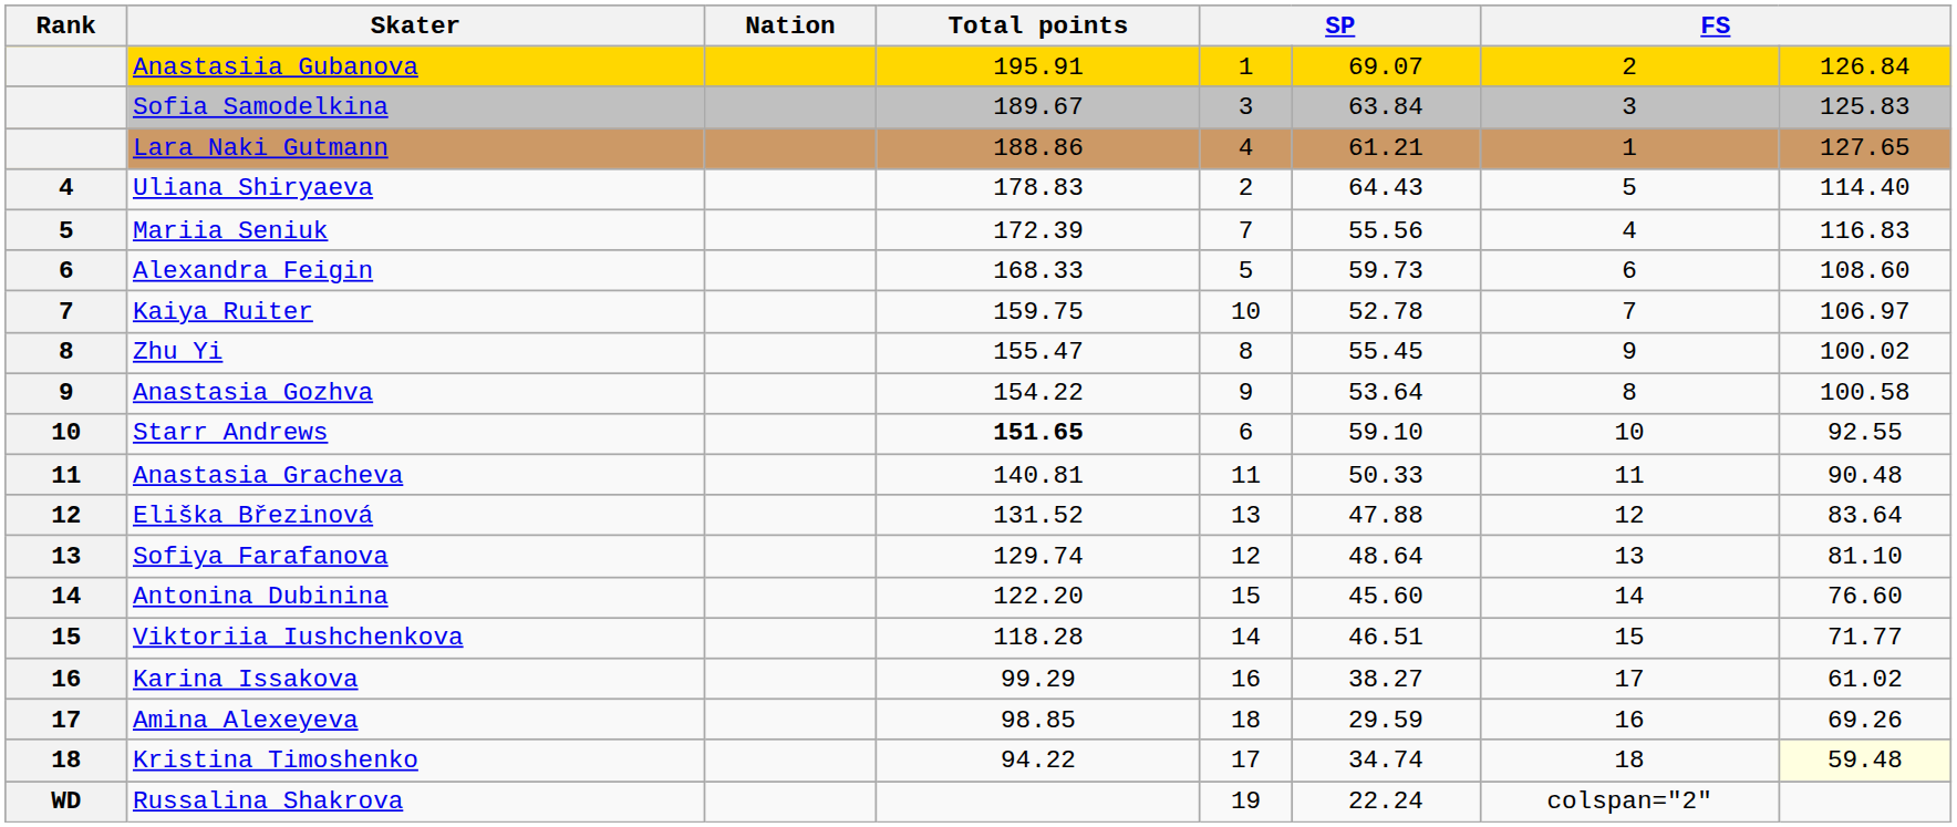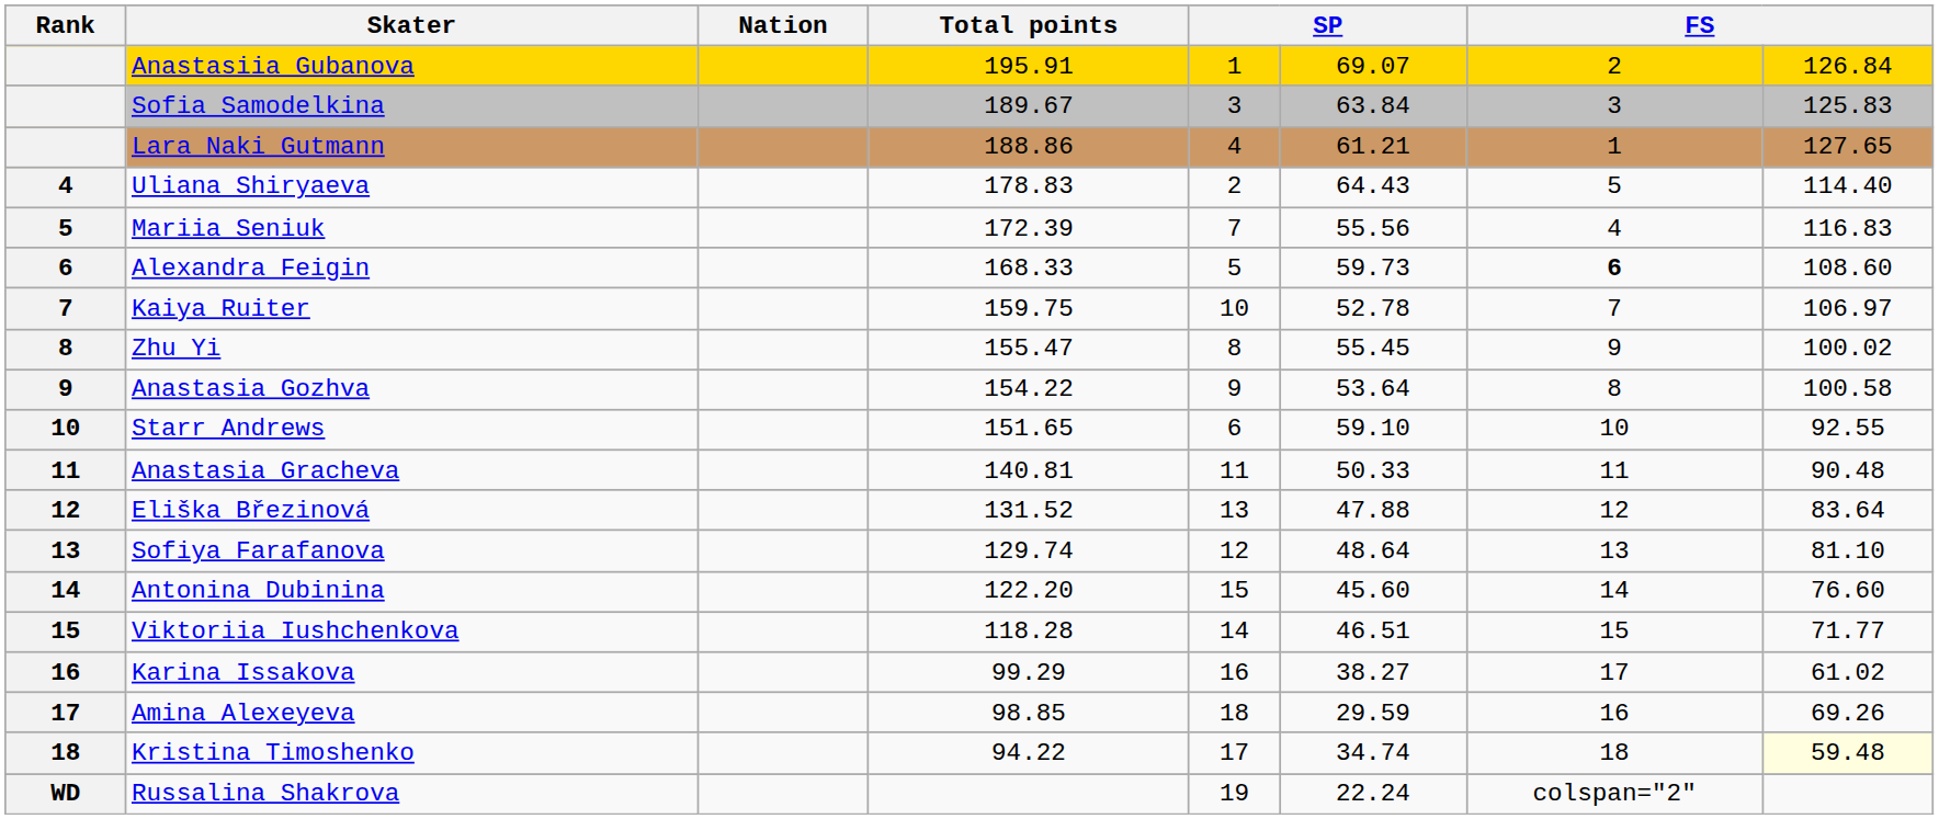 <table class="wikitable sortable" style="text-align:center;" width="80%">
 <tr>
 <th scope="col">Rank</th>
 <th scope="col">Skater</th>
 <th scope="col">Nation</th>
 <th scope="col">Total points</th>
 <th scope="col" colspan="2" width="80px"><a href='#'>SP</a></th>
 <th scope="col" colspan="2" width="80px"><a href='#'>FS</a></th>
 </tr>
 <tr bgcolor="gold">
 <th scope="row"></th>
 <td align="left"><a href='#'>Anastasiia Gubanova</a></td>
 <td align="left"></td>
 <td>195.91</td>
 <td>1</td>
 <td>69.07</td>
 <td>2</td>
 <td>126.84</td>
 </tr>
 <tr bgcolor="silver">
 <th scope="row"></th>
 <td align="left"><a href='#'>Sofia Samodelkina</a></td>
 <td align="left"></td>
 <td>189.67</td>
 <td>3</td>
 <td>63.84</td>
 <td>3</td>
 <td>125.83</td>
 </tr>
 <tr bgcolor="cc9966">
 <th scope="row"></th>
 <td align="left"><a href='#'>Lara Naki Gutmann</a></td>
 <td align="left"></td>
 <td>188.86</td>
 <td>4</td>
 <td>61.21</td>
 <td>1</td>
 <td>127.65</td>
 </tr>
 <tr>
 <th scope="row">4</th>
 <td align="left"><a href='#'>Uliana Shiryaeva</a></td>
 <td align="left"></td>
 <td>178.83</td>
 <td>2</td>
 <td>64.43</td>
 <td>5</td>
 <td>114.40</td>
 </tr>
 <tr>
 <th scope="row">5</th>
 <td align="left"><a href='#'>Mariia Seniuk</a></td>
 <td align="left"></td>
 <td>172.39</td>
 <td>7</td>
 <td>55.56</td>
 <td>4</td>
 <td>116.83</td>
 </tr>
 <tr>
 <th scope="row">6</th>
 <td align="left"><a href='#'>Alexandra Feigin</a></td>
 <td align="left"></td>
 <td>168.33</td>
 <td>5</td>
 <td>59.73</td>
-<td>6</td>
+<td><strong>6</strong></td>
 <td>108.60</td>
 </tr>
 <tr>
 <th scope="row">7</th>
 <td align="left"><a href='#'>Kaiya Ruiter</a></td>
 <td align="left"></td>
 <td>159.75</td>
 <td>10</td>
 <td>52.78</td>
 <td>7</td>
 <td>106.97</td>
 </tr>
 <tr>
 <th scope="row">8</th>
 <td align="left"><a href='#'>Zhu Yi</a></td>
 <td align="left"></td>
 <td>155.47</td>
 <td>8</td>
 <td>55.45</td>
 <td>9</td>
 <td>100.02</td>
 </tr>
 <tr>
 <th scope="row">9</th>
 <td align="left"><a href='#'>Anastasia Gozhva</a></td>
 <td align="left"></td>
 <td>154.22</td>
 <td>9</td>
 <td>53.64</td>
 <td>8</td>
 <td>100.58</td>
 </tr>
 <tr>
 <th scope="row">10</th>
 <td align="left"><a href='#'>Starr Andrews</a></td>
 <td align="left"></td>
-<td><strong>151.65</strong></td>
+<td>151.65</td>
 <td>6</td>
 <td>59.10</td>
 <td>10</td>
 <td>92.55</td>
 </tr>
 <tr>
 <th scope="row">11</th>
 <td align="left"><a href='#'>Anastasia Gracheva</a></td>
 <td align="left"></td>
 <td>140.81</td>
 <td>11</td>
 <td>50.33</td>
 <td>11</td>
 <td>90.48</td>
 </tr>
 <tr>
 <th scope="row">12</th>
 <td align="left"><a href='#'>Eliška Březinová</a></td>
 <td align="left"></td>
 <td>131.52</td>
 <td>13</td>
 <td>47.88</td>
 <td>12</td>
 <td>83.64</td>
 </tr>
 <tr>
 <th scope="row">13</th>
 <td align="left"><a href='#'>Sofiya Farafanova</a></td>
 <td align="left"></td>
 <td>129.74</td>
 <td>12</td>
 <td>48.64</td>
 <td>13</td>
 <td>81.10</td>
 </tr>
 <tr>
 <th scope="row">14</th>
 <td align="left"><a href='#'>Antonina Dubinina</a></td>
 <td align="left"></td>
 <td>122.20</td>
 <td>15</td>
 <td>45.60</td>
 <td>14</td>
 <td>76.60</td>
 </tr>
 <tr>
 <th scope="row">15</th>
 <td align="left"><a href='#'>Viktoriia Iushchenkova</a></td>
 <td align="left"></td>
 <td>118.28</td>
 <td>14</td>
 <td>46.51</td>
 <td>15</td>
 <td>71.77</td>
 </tr>
 <tr>
 <th scope="row">16</th>
 <td align="left"><a href='#'>Karina Issakova</a></td>
 <td align="left"></td>
 <td>99.29</td>
 <td>16</td>
 <td>38.27</td>
 <td>17</td>
 <td>61.02</td>
 </tr>
 <tr>
 <th scope="row">17</th>
 <td align="left"><a href='#'>Amina Alexeyeva</a></td>
 <td align="left"></td>
 <td>98.85</td>
 <td>18</td>
 <td>29.59</td>
 <td>16</td>
 <td>69.26</td>
 </tr>
 <tr>
 <th scope="row">18</th>
 <td align="left"><a href='#'>Kristina Timoshenko</a></td>
 <td align="left"></td>
 <td>94.22</td>
 <td>17</td>
 <td>34.74</td>
 <td>18</td>
 <td style="background: lightyellow;">59.48</td>
 </tr>
 <tr>
 <th scope="row">WD</th>
 <td align="left"><a href='#'>Russalina Shakrova</a></td>
 <td align="left"></td>
 <td></td>
 <td>19</td>
 <td>22.24</td>
 <td>colspan="2" </td>
 </tr>
 </table>
